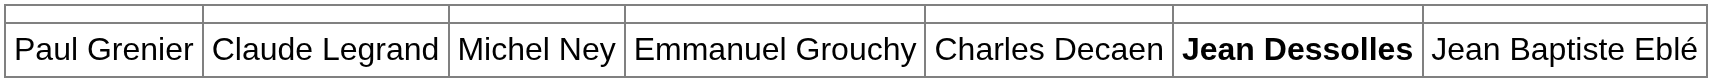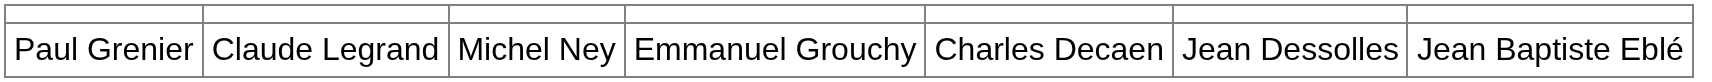 <table cellpadding=4 cellspacing=2 border=1 style="border-collapse:collapse;" class=>
 <tr>
 <td></td>
 <td></td>
 <td></td>
 <td></td>
 <td></td>
 <td></td>
 <td></td>
 </tr>
 <tr>
 <td>Paul Grenier</td>
 <td>Claude Legrand</td>
 <td>Michel Ney</td>
 <td>Emmanuel Grouchy</td>
 <td>Charles Decaen</td>
-<td><strong>Jean Dessolles</strong></td>
+<td>Jean Dessolles</td>
 <td>Jean Baptiste Eblé</td>
 </tr>
 </table>
